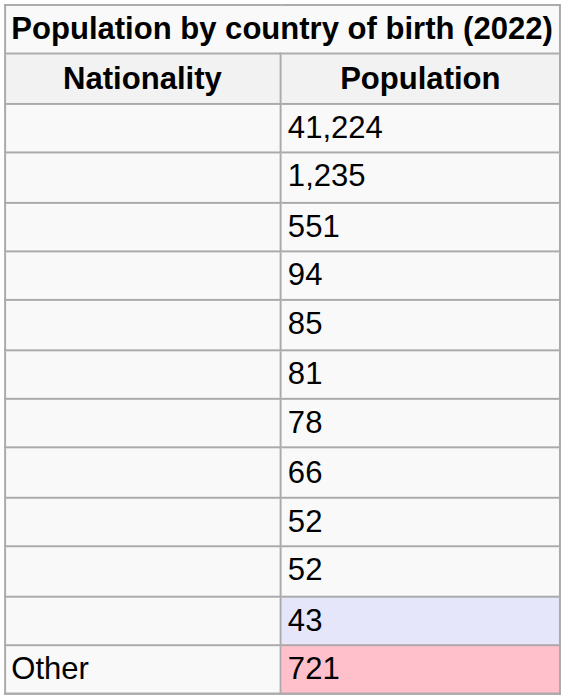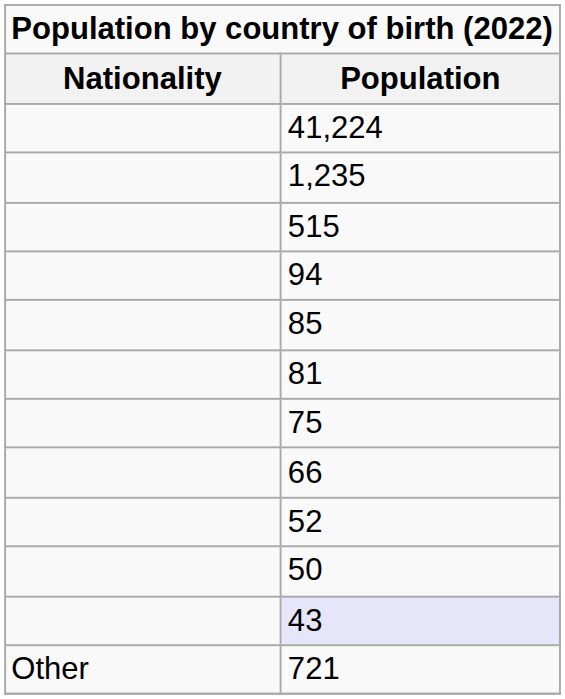 <table class="wikitable" style="float:right;">
 <tr>
 <td colspan="2"><strong>Population by country of birth (2022)</strong></td>
 </tr>
 <tr \>
 <th>Nationality</th>
 <th>Population</th>
 </tr>
 <tr>
 <td></td>
 <td>41,224</td>
 </tr>
 <tr>
 <td></td>
 <td>1,235</td>
 </tr>
 <tr>
 <td></td>
-<td>551</td>
+<td>515</td>
 </tr>
 <tr>
 <td></td>
 <td>94</td>
 </tr>
 <tr>
 <td></td>
 <td>85</td>
 </tr>
 <tr>
 <td></td>
 <td>81</td>
 </tr>
 <tr>
 <td></td>
-<td>78</td>
+<td>75</td>
 </tr>
 <tr>
 <td></td>
 <td>66</td>
 </tr>
 <tr>
 <td></td>
 <td>52</td>
 </tr>
 <tr>
 <td></td>
-<td>52</td>
+<td>50</td>
 </tr>
 <tr>
 <td></td>
 <td style="background: lavender;">43</td>
 </tr>
 <tr>
 <td>Other</td>
-<td style="background: pink;">721</td>
+<td>721</td>
 </tr>
 <tr>
 </tr>
 </table>
